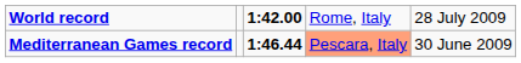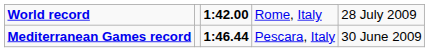 <table class="wikitable">
 <tr>
 <td><strong><a href='#'>World record</a></strong></td>
 <td></td>
 <td><strong>1:42.00</strong></td>
 <td><a href='#'>Rome</a>, <a href='#'>Italy</a></td>
 <td>28 July 2009</td>
 </tr>
 <tr>
 <td><strong><a href='#'>Mediterranean Games record</a></strong></td>
 <td></td>
 <td><strong>1:46.44</strong></td>
-<td style="background: lightsalmon;"><a href='#'>Pescara</a>, <a href='#'>Italy</a></td>
+<td><a href='#'>Pescara</a>, <a href='#'>Italy</a></td>
 <td>30 June 2009</td>
 </tr>
 </table>
